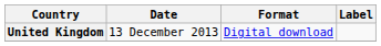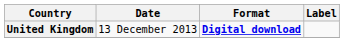 <table class="wikitable plainrowheaders">
 <tr>
 <th scope="col">Country</th>
 <th scope="col">Date</th>
 <th scope="col">Format</th>
 <th scope="col">Label</th>
 </tr>
 <tr>
 <th scope="row">United Kingdom</th>
 <td>13 December 2013</td>
-<td><a href='#'>Digital download</a></td>
+<td><strong><a href='#'>Digital download</a></strong></td>
 <td></td>
 </tr>
 <tr>
 </tr>
 </table>
